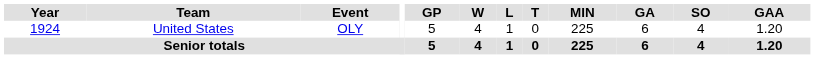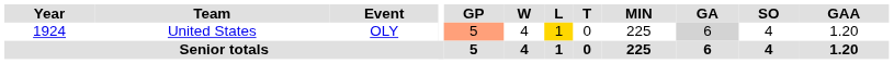 <table border="0" cellpadding="1" cellspacing="0" ID="Table3" style="text-align:center; width:60em">
 <tr ALIGN="center" bgcolor="#e0e0e0">
 <th>Year</th>
 <th>Team</th>
 <th>Event</th>
 <th rowspan="99" bgcolor="#ffffff"></th>
 <th>GP</th>
 <th>W</th>
 <th>L</th>
 <th>T</th>
 <th>MIN</th>
 <th>GA</th>
 <th>SO</th>
 <th>GAA</th>
 </tr>
 <tr>
 <td><a href='#'>1924</a></td>
 <td><a href='#'>United States</a></td>
 <td><a href='#'>OLY</a></td>
-<td>5</td>
+<td style="background: lightsalmon;">5</td>
 <td>4</td>
-<td>1</td>
+<td style="background: gold;">1</td>
 <td>0</td>
 <td>225</td>
-<td>6</td>
+<td style="background: lightgrey;">6</td>
 <td>4</td>
 <td>1.20</td>
 </tr>
 <tr bgcolor="#e0e0e0">
 <th colspan=4>Senior totals</th>
 <th>5</th>
 <th>4</th>
 <th>1</th>
 <th>0</th>
 <th>225</th>
 <th>6</th>
 <th>4</th>
 <th>1.20</th>
 </tr>
 </table>
